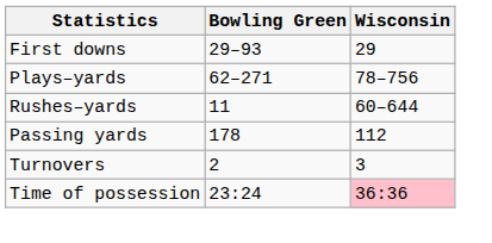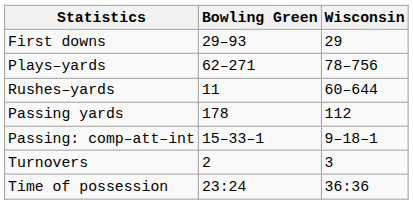 <table class="wikitable" style="float:left">
 <tr>
 <th>Statistics</th>
 <th>Bowling Green</th>
 <th>Wisconsin</th>
 </tr>
 <tr>
 <td>First downs</td>
 <td>29–93</td>
 <td>29</td>
 </tr>
 <tr>
 <td>Plays–yards</td>
 <td>62–271</td>
 <td>78–756</td>
 </tr>
 <tr>
 <td>Rushes–yards</td>
 <td>11</td>
 <td>60–644</td>
 </tr>
 <tr>
 <td>Passing yards</td>
 <td>178</td>
 <td>112</td>
 </tr>
 <tr>
+<td>Passing: comp–att–int</td>
+<td>15–33–1</td>
+<td>9–18–1</td>
+</tr>
+<tr>
 <td>Turnovers</td>
 <td>2</td>
 <td>3</td>
 </tr>
 <tr>
 <td>Time of possession</td>
 <td>23:24</td>
-<td style="background: pink;">36:36</td>
+<td>36:36</td>
 </tr>
 </table>
